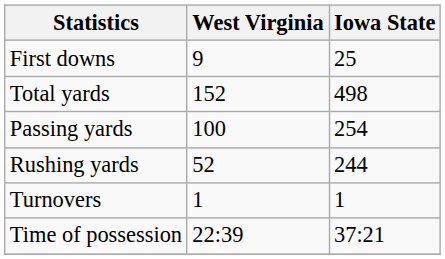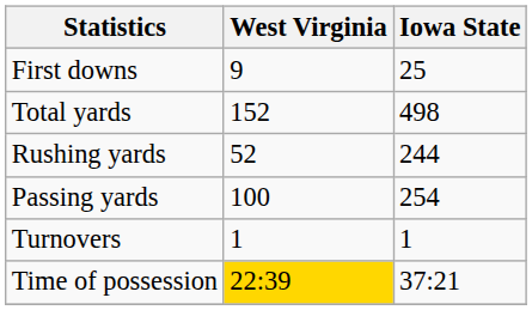 <table class="wikitable" style="float: left;">
 <tr>
 <th>Statistics</th>
 <th>West Virginia</th>
 <th>Iowa State</th>
 </tr>
 <tr>
 <td>First downs</td>
 <td>9</td>
 <td>25</td>
 </tr>
 <tr>
 <td>Total yards</td>
 <td>152</td>
 <td>498</td>
 </tr>
 <tr>
+<td>Rushing yards</td>
+<td>52</td>
+<td>244</td>
+</tr>
+<tr>
 <td>Passing yards</td>
 <td>100</td>
 <td>254</td>
-</tr>
-<tr>
-<td>Rushing yards</td>
-<td>52</td>
-<td>244</td>
 </tr>
 <tr>
 <td>Turnovers</td>
 <td>1</td>
 <td>1</td>
 </tr>
 <tr>
 <td>Time of possession</td>
-<td>22:39</td>
+<td style="background: gold;">22:39</td>
 <td>37:21</td>
 </tr>
 <tr>
 </tr>
 </table>
